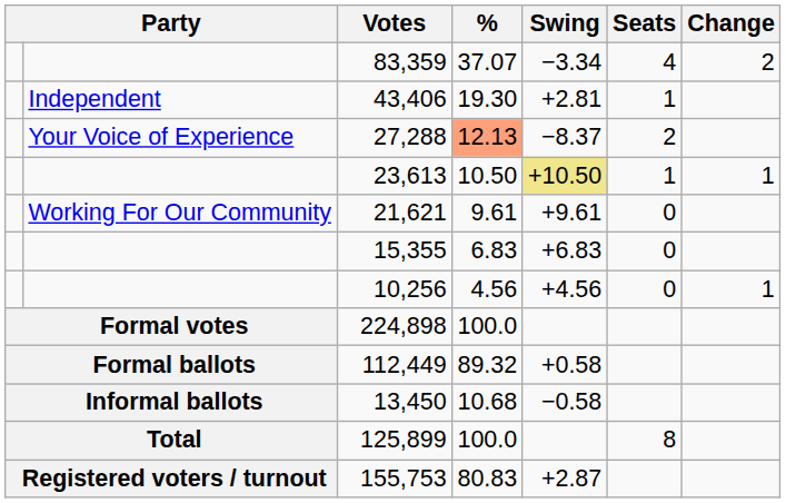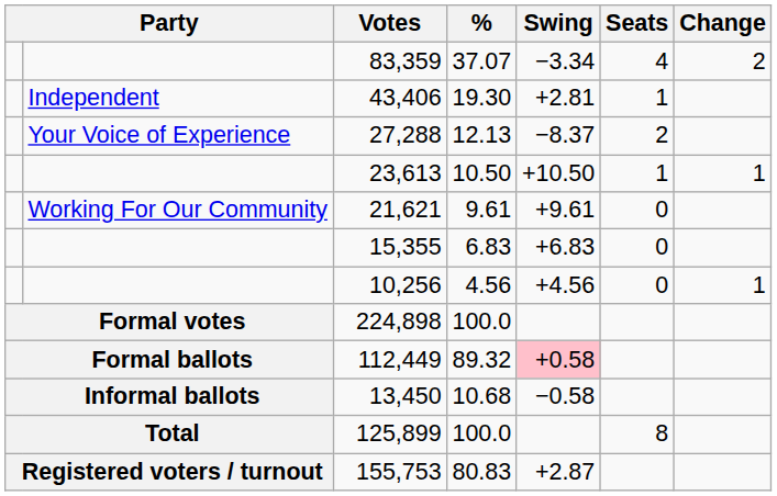 <table class="wikitable" style="text-align:right; margin-bottom:0">
 <tr>
 <th style="width:10px" colspan=3>Party</th>
 <th style="width:70px;">Votes</th>
 <th style="width:40px;">%</th>
 <th style="width:40px;">Swing</th>
 <th style="width:40px;">Seats</th>
 <th style="width:40px;">Change</th>
 </tr>
 <tr>
 <td> </td>
 <td style="text-align:left;" colspan="2"></td>
 <td style="width:70px;">83,359</td>
 <td style="width:40px;">37.07</td>
 <td style="width:45px;">−3.34</td>
 <td style="width:40px;">4</td>
 <td style="width:55px;"> 2</td>
 </tr>
 <tr>
 <td> </td>
 <td style="text-align:left;" colspan="2"><a href='#'>Independent</a></td>
 <td style="width:70px;">43,406</td>
 <td style="width:40px;">19.30</td>
 <td style="width:45px;">+2.81</td>
 <td style="width:40px;">1</td>
 <td style="width:55px;"></td>
 </tr>
 <tr>
 <td> </td>
 <td style="text-align:left;" colspan="2"><a href='#'>Your Voice of Experience</a></td>
 <td style="width:70px;">27,288</td>
-<td style="background: lightsalmon; width:40px;">12.13</td>
+<td style="width:40px;">12.13</td>
 <td style="width:45px;">−8.37</td>
 <td style="width:40px;">2</td>
 <td style="width:55px;"></td>
 </tr>
 <tr>
 <td> </td>
 <td style="text-align:left;" colspan="2"></td>
 <td style="width:70px;">23,613</td>
 <td style="width:40px;">10.50</td>
-<td style="background: khaki; width:45px;">+10.50</td>
+<td style="width:45px;">+10.50</td>
 <td style="width:40px;">1</td>
 <td style="width:55px;"> 1</td>
 </tr>
 <tr>
 <td> </td>
 <td style="text-align:left;" colspan="2"><a href='#'>Working For Our Community</a></td>
 <td style="width:70px;">21,621</td>
 <td style="width:40px;">9.61</td>
 <td style="width:45px;">+9.61</td>
 <td style="width:40px;">0</td>
 <td style="width:55px;"></td>
 </tr>
 <tr>
 <td> </td>
 <td style="text-align:left;" colspan="2"></td>
 <td style="width:70px;">15,355</td>
 <td style="width:40px;">6.83</td>
 <td style="width:45px;">+6.83</td>
 <td style="width:40px;">0</td>
 <td style="width:55px;"></td>
 </tr>
 <tr>
 <td> </td>
 <td style="text-align:left;" colspan="2"></td>
 <td style="width:70px;">10,256</td>
 <td style="width:40px;">4.56</td>
 <td style="width:45px;">+4.56</td>
 <td style="width:40px;">0</td>
 <td style="width:55px;"> 1</td>
 </tr>
 <tr>
 <th colspan="3" rowspan="1"> Formal votes</th>
 <td>224,898</td>
 <td>100.0</td>
 <td></td>
 <td></td>
 <td></td>
 </tr>
 <tr>
 <th colspan="3" rowspan="1"> Formal ballots</th>
 <td>112,449</td>
 <td>89.32</td>
-<td>+0.58</td>
+<td style="background: pink;">+0.58</td>
 <td></td>
 <td></td>
 </tr>
 <tr>
 <th colspan="3" rowspan="1"> Informal ballots</th>
 <td>13,450</td>
 <td>10.68</td>
 <td>−0.58</td>
 <td></td>
 <td></td>
 </tr>
 <tr>
 <th colspan="3" rowspan="1"> <strong>Total </strong></th>
 <td>125,899</td>
 <td>100.0</td>
 <td></td>
 <td>8</td>
 <td></td>
 </tr>
 <tr>
 <th colspan="3" rowspan="1"> Registered voters / turnout</th>
 <td>155,753</td>
 <td>80.83</td>
 <td>+2.87</td>
 <td></td>
 <td></td>
 </tr>
 </table>
